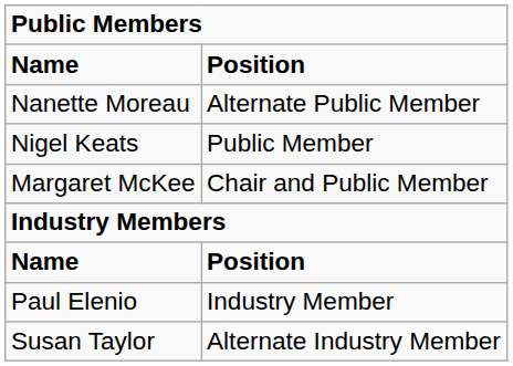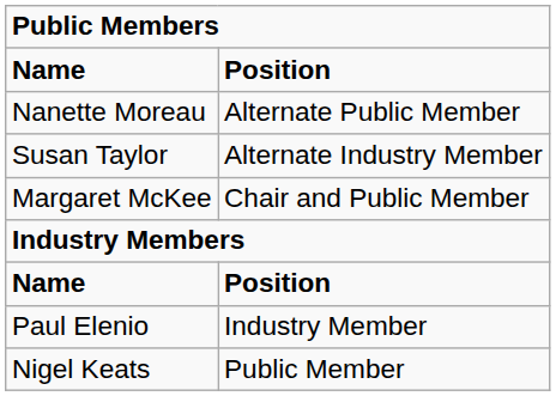 <table class="wikitable">
 <tr>
 <td colspan="2"><strong>Public Members</strong></td>
 </tr>
 <tr>
 <td><strong>Name</strong></td>
 <td><strong>Position</strong></td>
 </tr>
 <tr>
 <td>Nanette Moreau</td>
 <td>Alternate Public Member</td>
 </tr>
 <tr>
-<td>Nigel Keats</td>
-<td>Public Member</td>
+<td>Susan Taylor</td>
+<td>Alternate Industry Member</td>
 </tr>
 <tr>
 <td>Margaret McKee</td>
 <td>Chair and Public Member</td>
 </tr>
 <tr>
 <td colspan="2"><strong>Industry Members</strong></td>
 </tr>
 <tr>
 <td><strong>Name</strong></td>
 <td><strong>Position</strong></td>
 </tr>
 <tr>
 <td>Paul Elenio</td>
 <td>Industry Member</td>
 </tr>
 <tr>
-<td>Susan Taylor</td>
-<td>Alternate Industry Member</td>
+<td>Nigel Keats</td>
+<td>Public Member</td>
 </tr>
 </table>
